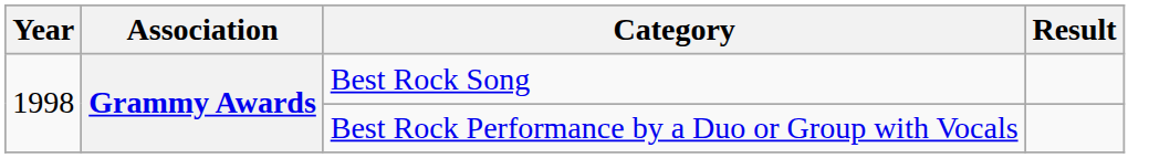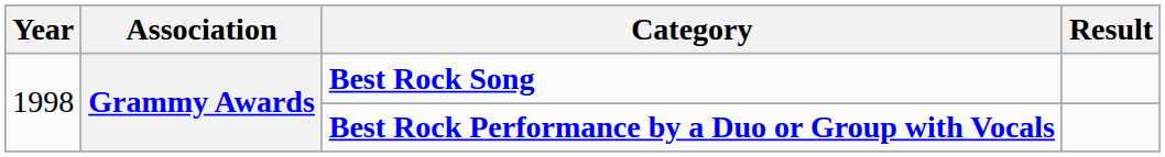 <table class="wikitable plainrowheaders">
 <tr>
 <th>Year</th>
 <th>Association</th>
 <th>Category</th>
 <th>Result</th>
 </tr>
 <tr>
 <td rowspan="2">1998</td>
 <th scope="row" rowspan="2"><a href='#'>Grammy Awards</a></th>
-<td><a href='#'>Best Rock Song</a></td>
+<td><strong><a href='#'>Best Rock Song</a></strong></td>
 <td></td>
 </tr>
 <tr>
-<td><a href='#'>Best Rock Performance by a Duo or Group with Vocals</a></td>
+<td><strong><a href='#'>Best Rock Performance by a Duo or Group with Vocals</a></strong></td>
 <td></td>
 </tr>
 </table>
